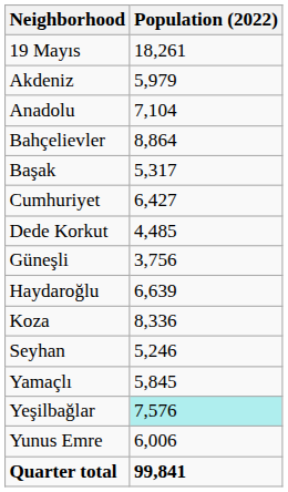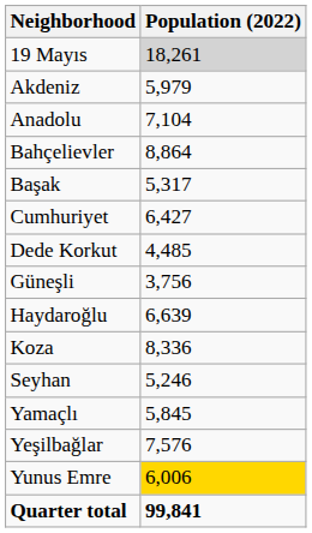 <table class="sortable wikitable">
 <tr>
 <th>Neighborhood</th>
 <th>Population (2022)</th>
 </tr>
 <tr>
 <td>19 Mayıs</td>
-<td>18,261</td>
+<td style="background: lightgrey;">18,261</td>
 </tr>
 <tr>
 <td>Akdeniz</td>
 <td>5,979</td>
 </tr>
 <tr>
 <td>Anadolu</td>
 <td>7,104</td>
 </tr>
 <tr>
 <td>Bahçelievler</td>
 <td>8,864</td>
 </tr>
 <tr>
 <td>Başak</td>
 <td>5,317</td>
 </tr>
 <tr>
 <td>Cumhuriyet</td>
 <td>6,427</td>
 </tr>
 <tr>
 <td>Dede Korkut</td>
 <td>4,485</td>
 </tr>
 <tr>
 <td>Güneşli</td>
 <td>3,756</td>
 </tr>
 <tr>
 <td>Haydaroğlu</td>
 <td>6,639</td>
 </tr>
 <tr>
 <td>Koza</td>
 <td>8,336</td>
 </tr>
 <tr>
 <td>Seyhan</td>
 <td>5,246</td>
 </tr>
 <tr>
 <td>Yamaçlı</td>
 <td>5,845</td>
 </tr>
 <tr>
 <td>Yeşilbağlar</td>
-<td style="background: paleturquoise;">7,576</td>
+<td>7,576</td>
 </tr>
 <tr>
 <td>Yunus Emre</td>
-<td>6,006</td>
+<td style="background: gold;">6,006</td>
 </tr>
 <tr>
 <td><strong>Quarter total</strong></td>
 <td><strong>99,841</strong></td>
 </tr>
 </table>
